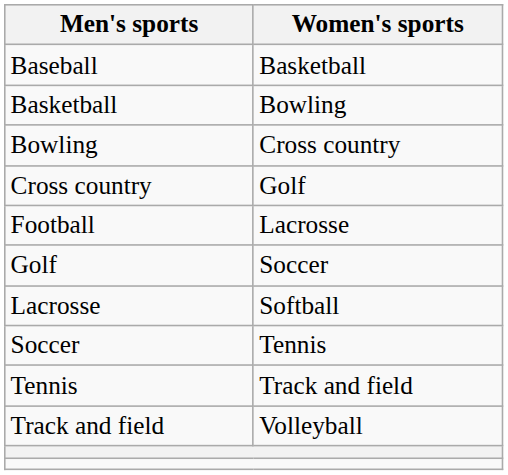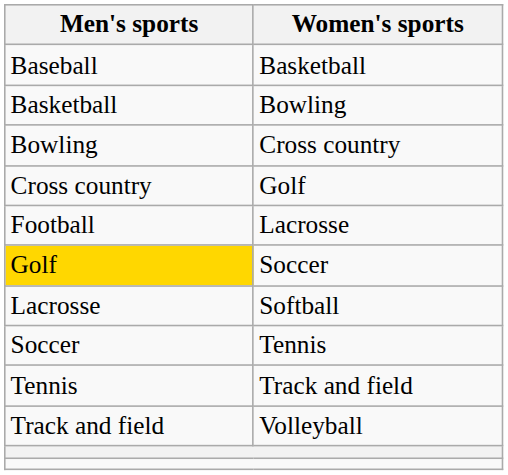 <table class="wikitable" style="text-align: ">
 <tr>
 <th width=150px>Men's sports</th>
 <th width=150px>Women's sports</th>
 </tr>
 <tr>
 <td>Baseball</td>
 <td>Basketball</td>
 </tr>
 <tr>
 <td>Basketball</td>
 <td>Bowling</td>
 </tr>
 <tr>
 <td>Bowling</td>
 <td>Cross country</td>
 </tr>
 <tr>
 <td>Cross country</td>
 <td>Golf</td>
 </tr>
 <tr>
 <td>Football</td>
 <td>Lacrosse</td>
 </tr>
 <tr>
-<td>Golf</td>
+<td style="background: gold;">Golf</td>
 <td>Soccer</td>
 </tr>
 <tr>
 <td>Lacrosse</td>
 <td>Softball</td>
 </tr>
 <tr>
 <td>Soccer</td>
 <td>Tennis</td>
 </tr>
 <tr>
 <td>Tennis</td>
 <td>Track and field</td>
 </tr>
 <tr>
 <td>Track and field</td>
 <td>Volleyball</td>
 </tr>
 <tr>
 <th colspan=2></th>
 </tr>
 <tr>
 <td colspan=2></td>
 </tr>
 </table>
